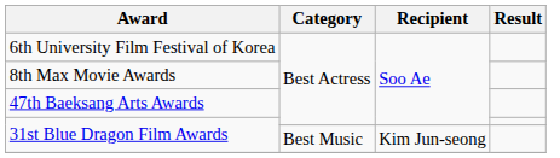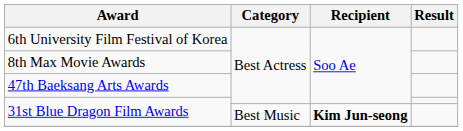 <table class="wikitable sortable">
 <tr>
 <th>Award</th>
 <th>Category</th>
 <th>Recipient</th>
 <th>Result</th>
 </tr>
 <tr>
 <td>6th University Film Festival of Korea</td>
 <td rowspan="4">Best Actress</td>
 <td rowspan="4"><a href='#'>Soo Ae</a></td>
 <td></td>
 </tr>
 <tr>
 <td>8th Max Movie Awards</td>
 <td></td>
 </tr>
 <tr>
 <td><a href='#'>47th Baeksang Arts Awards</a></td>
 <td></td>
 </tr>
 <tr>
 <td rowspan="2"><a href='#'>31st Blue Dragon Film Awards</a></td>
 <td></td>
 </tr>
 <tr>
 <td>Best Music</td>
-<td>Kim Jun-seong</td>
+<td><strong>Kim Jun-seong</strong></td>
 <td></td>
 </tr>
 <tr>
 </tr>
 </table>
